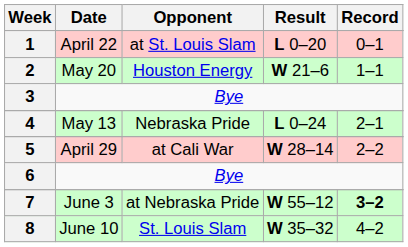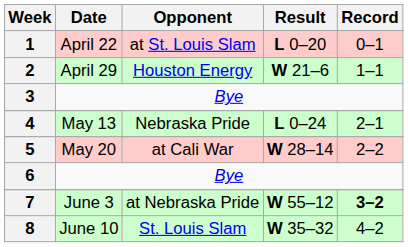 <table class="wikitable" style="text-align:center">
 <tr>
 <th>Week</th>
 <th>Date</th>
 <th>Opponent</th>
 <th>Result</th>
 <th>Record</th>
 </tr>
 <tr>
 </tr>
 <tr style="background:#fcc">
 <th>1</th>
 <td>April 22</td>
 <td>at <a href='#'>St. Louis Slam</a></td>
 <td><strong>L</strong> 0–20</td>
 <td>0–1</td>
 </tr>
 <tr style="background:#cfc">
 <th>2</th>
-<td>May 20</td>
+<td>April 29</td>
 <td><a href='#'>Houston Energy</a></td>
 <td><strong>W</strong> 21–6</td>
 <td>1–1</td>
 </tr>
 <tr>
 <th>3</th>
 <td colspan="4"><em><a href='#'>Bye</a></em></td>
 </tr>
 <tr>
 </tr>
 <tr style="background:#cfc">
 <th>4</th>
 <td>May 13</td>
 <td>Nebraska Pride</td>
 <td><strong>L</strong> 0–24</td>
 <td>2–1</td>
 </tr>
 <tr>
 </tr>
 <tr style="background:#fcc">
 <th>5</th>
-<td>April 29</td>
+<td>May 20</td>
 <td>at Cali War</td>
 <td><strong>W</strong> 28–14</td>
 <td>2–2</td>
 </tr>
 <tr>
 <th>6</th>
 <td colspan="4"><em><a href='#'>Bye</a></em></td>
 </tr>
 <tr>
 </tr>
 <tr style="background:#cfc">
 <th>7</th>
 <td>June 3</td>
 <td>at Nebraska Pride</td>
 <td><strong>W</strong> 55–12</td>
 <td><strong>3–2</strong></td>
 </tr>
 <tr style="background:#cfc">
 <th>8</th>
 <td>June 10</td>
 <td><a href='#'>St. Louis Slam</a></td>
 <td><strong>W</strong> 35–32</td>
 <td>4–2</td>
 </tr>
 </table>
